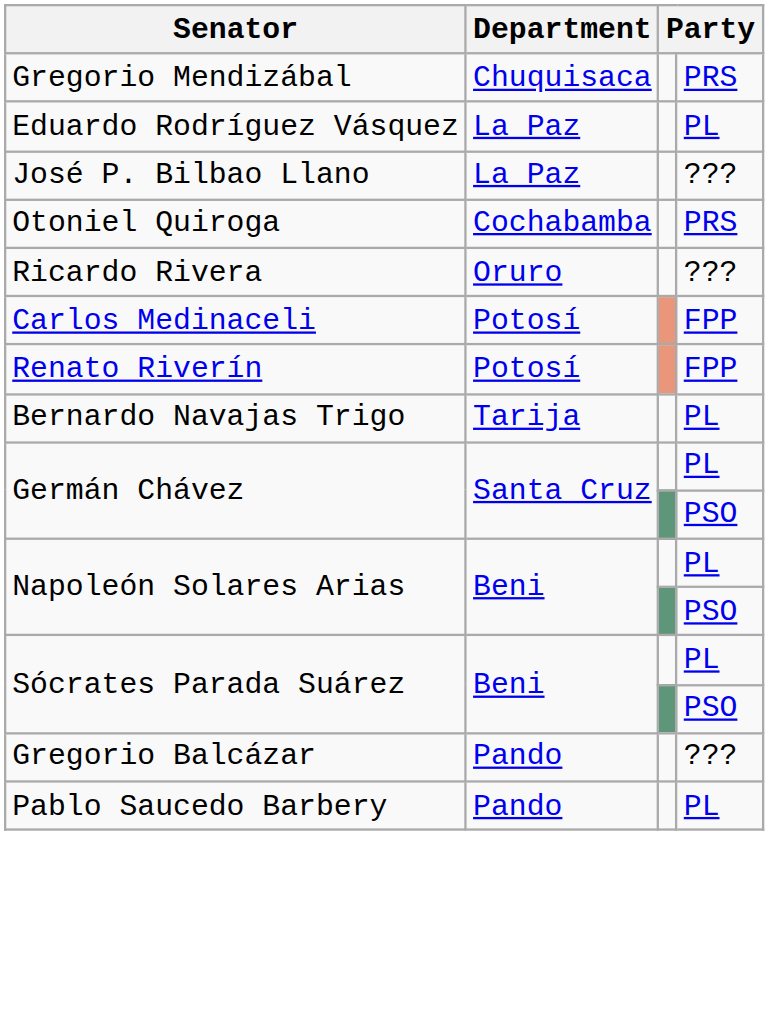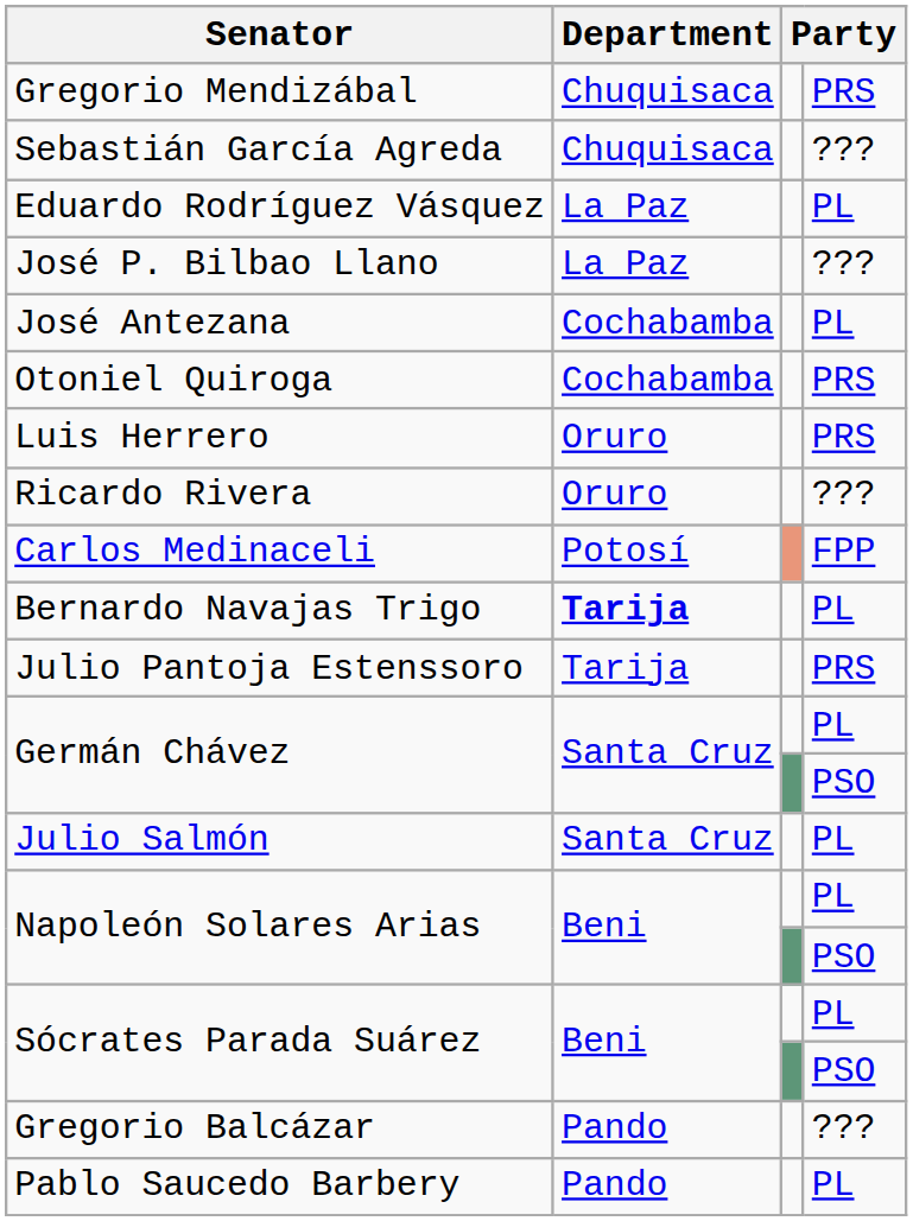 <table class="wikitable sortable">
 <tr>
 <th>Senator</th>
 <th>Department</th>
 <th colspan="2">Party</th>
 </tr>
 <tr>
 <td>Gregorio Mendizábal</td>
 <td><a href='#'>Chuquisaca</a></td>
 <td style="background:"></td>
 <td><a href='#'>PRS</a></td>
+</tr>
+<tr>
+<td>Sebastián García Agreda</td>
+<td><a href='#'>Chuquisaca</a></td>
+<td style="background:"></td>
+<td>???</td>
 </tr>
 <tr>
 <td>Eduardo Rodríguez Vásquez</td>
 <td><a href='#'>La Paz</a></td>
 <td style="background:"></td>
 <td><a href='#'>PL</a></td>
 </tr>
 <tr>
 <td>José P. Bilbao Llano</td>
 <td><a href='#'>La Paz</a></td>
 <td style="background:"></td>
 <td>???</td>
 </tr>
 <tr>
+<td>José Antezana</td>
+<td><a href='#'>Cochabamba</a></td>
+<td style="background:"></td>
+<td><a href='#'>PL</a></td>
+</tr>
+<tr>
 <td>Otoniel Quiroga</td>
 <td><a href='#'>Cochabamba</a></td>
+<td style="background:"></td>
+<td><a href='#'>PRS</a></td>
+</tr>
+<tr>
+<td>Luis Herrero</td>
+<td><a href='#'>Oruro</a></td>
 <td style="background:"></td>
 <td><a href='#'>PRS</a></td>
 </tr>
 <tr>
 <td>Ricardo Rivera</td>
 <td><a href='#'>Oruro</a></td>
 <td style="background:"></td>
 <td>???</td>
 </tr>
 <tr>
 <td><a href='#'>Carlos Medinaceli</a></td>
 <td><a href='#'>Potosí</a></td>
 <td style="background:darksalmon"></td>
 <td><a href='#'>FPP</a></td>
 </tr>
 <tr>
-<td><a href='#'>Renato Riverín</a></td>
-<td><a href='#'>Potosí</a></td>
-<td style="background:darksalmon"></td>
-<td><a href='#'>FPP</a></td>
+<td>Bernardo Navajas Trigo</td>
+<td><strong><a href='#'>Tarija</a></strong></td>
+<td style="background:"></td>
+<td><a href='#'>PL</a></td>
 </tr>
 <tr>
-<td>Bernardo Navajas Trigo</td>
+<td>Julio Pantoja Estenssoro</td>
 <td><a href='#'>Tarija</a></td>
 <td style="background:"></td>
-<td><a href='#'>PL</a></td>
+<td><a href='#'>PRS</a></td>
 </tr>
 <tr>
 <td rowspan="2">Germán Chávez</td>
 <td rowspan="2"><a href='#'>Santa Cruz</a></td>
 <td style="background:"></td>
 <td><a href='#'>PL</a></td>
 </tr>
 <tr>
 <td style="background:#5D9678"></td>
 <td><a href='#'>PSO</a></td>
+</tr>
+<tr>
+<td><a href='#'>Julio Salmón</a></td>
+<td><a href='#'>Santa Cruz</a></td>
+<td style="background:"></td>
+<td><a href='#'>PL</a></td>
 </tr>
 <tr>
 <td rowspan="2">Napoleón Solares Arias</td>
 <td rowspan="2"><a href='#'>Beni</a></td>
 <td style="background:"></td>
 <td><a href='#'>PL</a></td>
 </tr>
 <tr>
 <td style="background:#5D9678"></td>
 <td><a href='#'>PSO</a></td>
 </tr>
 <tr>
 <td rowspan="2">Sócrates Parada Suárez</td>
 <td rowspan="2"><a href='#'>Beni</a></td>
 <td style="background:"></td>
 <td><a href='#'>PL</a></td>
 </tr>
 <tr>
 <td style="background:#5D9678"></td>
 <td><a href='#'>PSO</a></td>
 </tr>
 <tr>
 <td>Gregorio Balcázar</td>
 <td><a href='#'>Pando</a></td>
 <td style="background:"></td>
 <td>???</td>
 </tr>
 <tr>
 <td>Pablo Saucedo Barbery</td>
 <td><a href='#'>Pando</a></td>
 <td style="background:"></td>
 <td><a href='#'>PL</a></td>
 </tr>
 </table>
